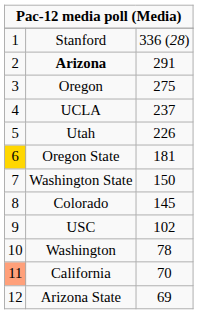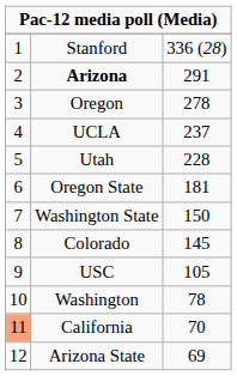 <table class="wikitable" style="display: inline-table;">
 <tr>
 <td align="center" Colspan="3"><strong>Pac-12 media poll (Media)</strong></td>
 </tr>
 <tr align="center">
 </tr>
 <tr align="center">
 <td>1</td>
 <td ! style=>Stanford</td>
 <td>336 (<em>28</em>)</td>
 </tr>
 <tr align="center">
 <td>2</td>
 <td ! style=><strong>Arizona</strong></td>
 <td>291</td>
 </tr>
 <tr align="center">
 <td>3</td>
 <td ! style=>Oregon</td>
-<td>275</td>
+<td>278</td>
 </tr>
 <tr align="center">
 <td>4</td>
 <td ! style=>UCLA</td>
 <td>237</td>
 </tr>
 <tr align="center">
 <td>5</td>
 <td ! style=>Utah</td>
-<td>226</td>
+<td>228</td>
 </tr>
 <tr align="center">
-<td style="background: gold;">6</td>
+<td>6</td>
 <td ! style=>Oregon State</td>
 <td>181</td>
 </tr>
 <tr align="center">
 <td>7</td>
 <td ! style=>Washington State</td>
 <td>150</td>
 </tr>
 <tr align="center">
 <td>8</td>
 <td ! style=>Colorado</td>
 <td>145</td>
 </tr>
 <tr align="center">
 <td>9</td>
 <td ! style=>USC</td>
-<td>102</td>
+<td>105</td>
 </tr>
 <tr align="center">
 <td>10</td>
 <td ! style=>Washington</td>
 <td>78</td>
 </tr>
 <tr align="center">
 <td style="background: lightsalmon;">11</td>
 <td ! style=>California</td>
 <td>70</td>
 </tr>
 <tr align="center">
 <td>12</td>
 <td ! style=>Arizona State</td>
 <td>69</td>
 </tr>
 </table>
